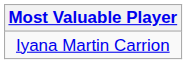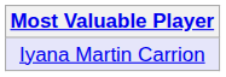 <table class=wikitable style="text-align:center">
 <tr>
 <th><a href='#'>Most Valuable Player</a></th>
 </tr>
 <tr>
-<td> <a href='#'>Iyana Martin Carrion</a></td>
+<td style="background: lavender;"> <a href='#'>Iyana Martin Carrion</a></td>
 </tr>
 </table>
